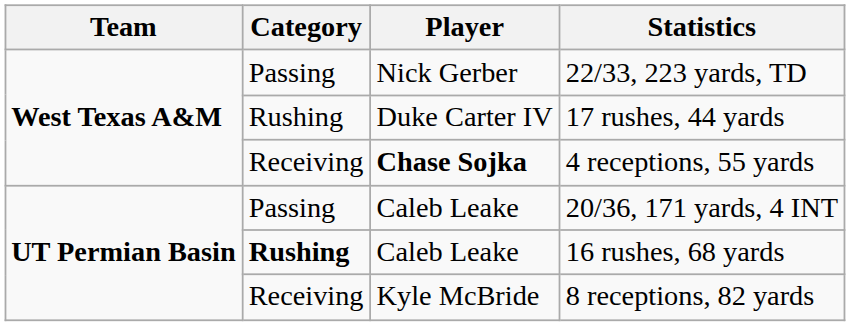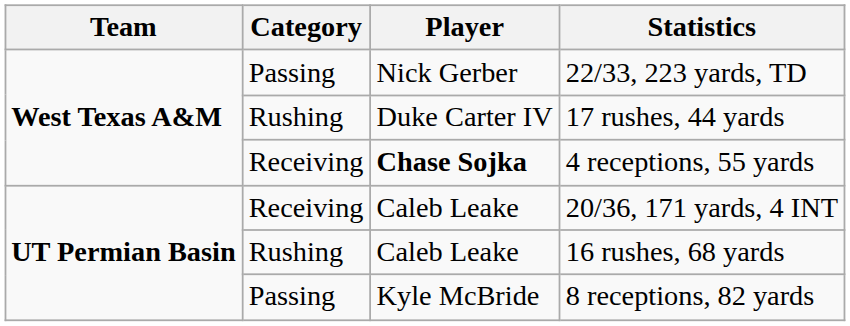 <table class="wikitable" style="float: right;">
 <tr>
 <th>Team</th>
 <th>Category</th>
 <th>Player</th>
 <th>Statistics</th>
 </tr>
 <tr>
 <td rowspan=3><strong>West Texas A&M</strong></td>
 <td>Passing</td>
 <td>Nick Gerber</td>
 <td>22/33, 223 yards, TD</td>
 </tr>
 <tr>
 <td>Rushing</td>
 <td>Duke Carter IV</td>
 <td>17 rushes, 44 yards</td>
 </tr>
 <tr>
 <td>Receiving</td>
 <td><strong>Chase Sojka</strong></td>
 <td>4 receptions, 55 yards</td>
 </tr>
 <tr>
 <td rowspan=3><strong>UT Permian Basin</strong></td>
-<td>Passing</td>
+<td>Receiving</td>
 <td>Caleb Leake</td>
 <td>20/36, 171 yards, 4 INT</td>
 </tr>
 <tr>
-<td><strong>Rushing</strong></td>
+<td>Rushing</td>
 <td>Caleb Leake</td>
 <td>16 rushes, 68 yards</td>
 </tr>
 <tr>
-<td>Receiving</td>
+<td>Passing</td>
 <td>Kyle McBride</td>
 <td>8 receptions, 82 yards</td>
 </tr>
 </table>
